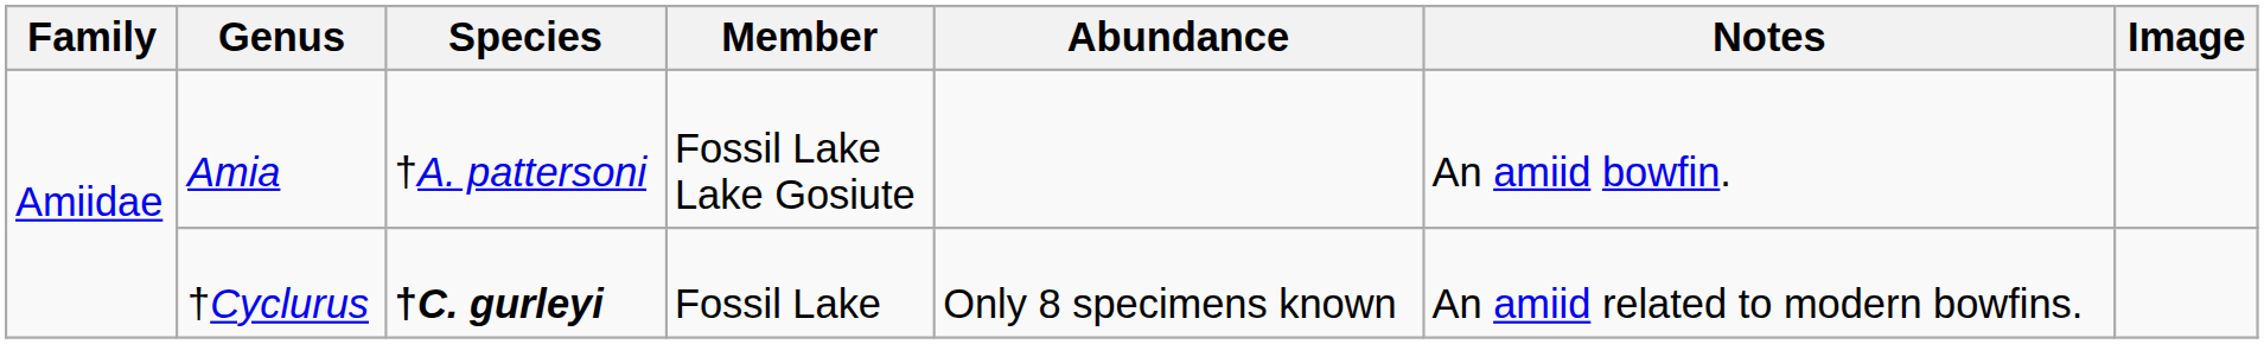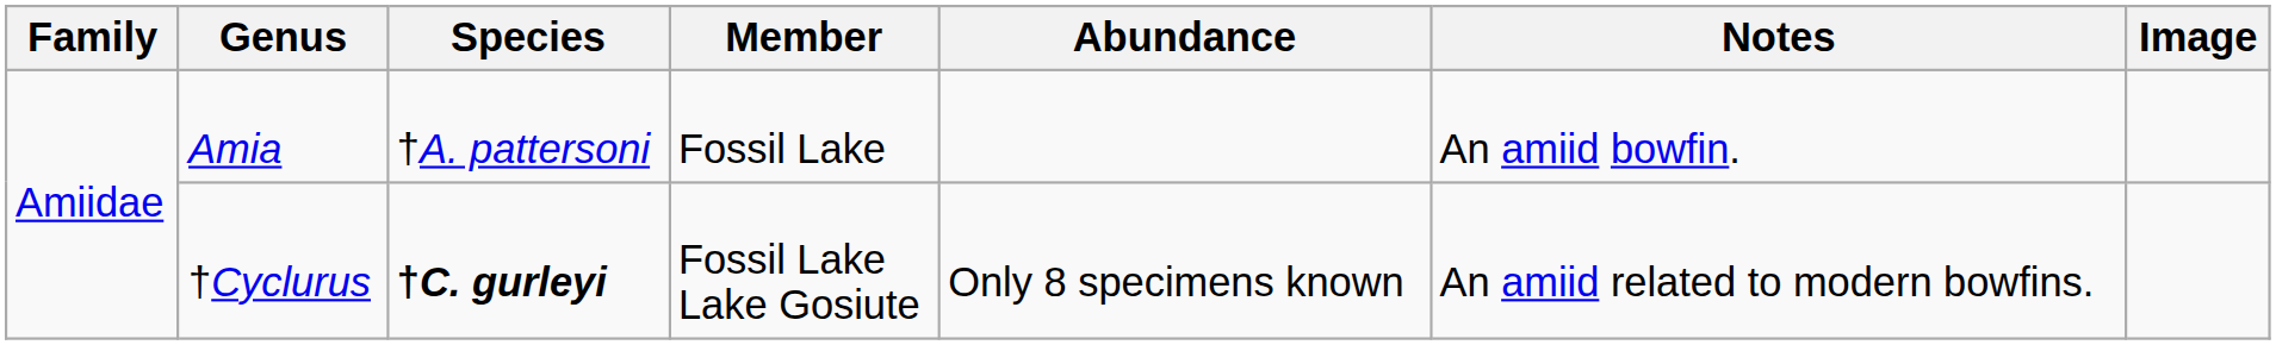 <table class="wikitable" style="margin:auto;width:100%;">
 <tr>
 <th>Family</th>
 <th>Genus</th>
 <th>Species</th>
 <th>Member</th>
 <th>Abundance</th>
 <th>Notes</th>
 <th>Image</th>
 </tr>
 <tr>
 <td rowspan=2><a href='#'>Amiidae</a></td>
 <td><br><em><a href='#'>Amia</a></em></td>
 <td><br>†<em><a href='#'>A. pattersoni</a></em> </td>
-<td><br>Fossil Lake<br> Lake Gosiute</td>
+<td><br>Fossil Lake</td>
 <td></td>
 <td><br>An <a href='#'>amiid</a> <a href='#'>bowfin</a>.</td>
 <td><br></td>
 </tr>
 <tr>
 <td><br>†<em><a href='#'>Cyclurus</a></em></td>
 <td><strong><br>†<em>C. gurleyi</em> </strong></td>
-<td><br>Fossil Lake</td>
+<td><br>Fossil Lake<br> Lake Gosiute</td>
 <td><br>Only 8 specimens known</td>
 <td><br>An <a href='#'>amiid</a> related to modern bowfins.</td>
 <td><br></td>
 </tr>
 </table>
